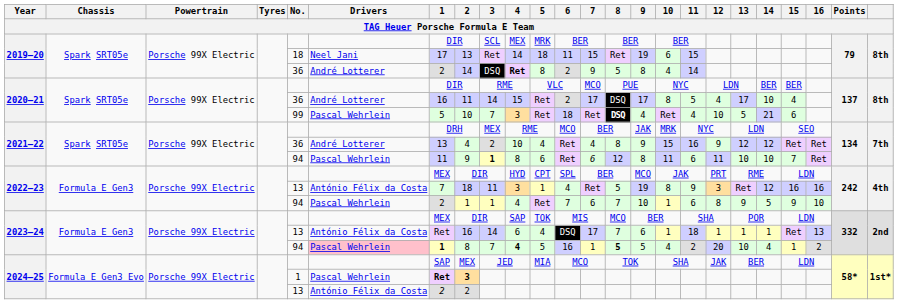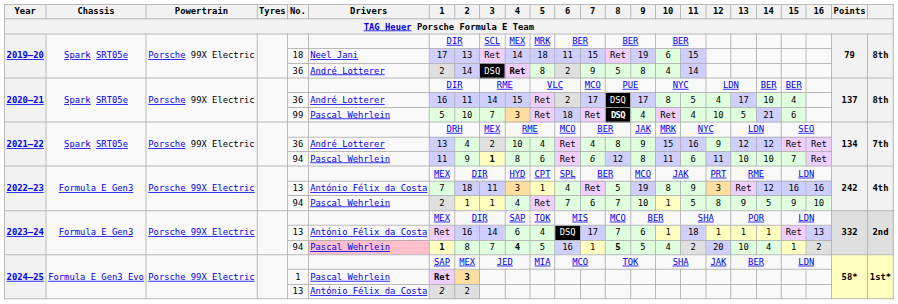 <table class="wikitable" style="font-size: 85%; text-align:center;">
 <tr valign="top">
 <th valign="middle">Year</th>
 <th valign="middle">Chassis</th>
 <th valign="middle">Powertrain</th>
 <th valign="middle">Tyres</th>
 <th valign="middle">No.</th>
 <th valign="middle">Drivers</th>
 <th style="width:26px;">1</th>
 <th style="width:26px;">2</th>
 <th style="width:26px;">3</th>
 <th style="width:26px;">4</th>
 <th style="width:26px;">5</th>
 <th style="width:26px;">6</th>
 <th style="width:26px;">7</th>
 <th style="width:26px;">8</th>
 <th style="width:26px;">9</th>
 <th style="width:26px;">10</th>
 <th style="width:26px;">11</th>
 <th style="width:26px;">12</th>
 <th style="width:26px;">13</th>
 <th style="width:26px;">14</th>
 <th style="width:26px;">15</th>
 <th style="width:26px;">16</th>
 <th valign="middle">Points</th>
 <th></th>
 </tr>
 <tr>
 <th colspan="24"><a href='#'>TAG Heuer</a> Porsche Formula E Team</th>
 </tr>
 <tr>
 <th rowspan=3><a href='#'>2019–20</a></th>
 <td rowspan=3><a href='#'>Spark</a> <a href='#'>SRT05e</a></td>
 <td rowspan=3><a href='#'>Porsche</a> 99X Electric</td>
 <td rowspan=3></td>
 <td></td>
 <td></td>
 <td colspan=2><a href='#'>DIR</a></td>
 <td><a href='#'>SCL</a></td>
 <td><a href='#'>MEX</a></td>
 <td><a href='#'>MRK</a></td>
 <td colspan="2"><a href='#'>BER</a></td>
 <td colspan="2"><a href='#'>BER</a></td>
 <td colspan="2"><a href='#'>BER</a></td>
 <td></td>
 <td></td>
 <td></td>
 <td></td>
 <td></td>
 <th rowspan=3>79</th>
 <th rowspan=3>8th</th>
 </tr>
 <tr>
 <td>18</td>
 <td align="left"> <a href='#'>Neel Jani</a></td>
 <td style="background-color:#CFCFFF;">17</td>
 <td style="background-color:#CFCFFF;">13</td>
 <td style="background-color:#EFCFFF;">Ret</td>
 <td style="background-color:#CFCFFF;">14</td>
 <td style="background-color:#CFCFFF;">18</td>
 <td style="background-color:#CFCFFF;">11</td>
 <td style="background-color:#CFCFFF;">15</td>
 <td style="background-color:#EFCFFF;">Ret</td>
 <td style="background-color:#CFCFFF;">19</td>
 <td style="background-color:#DFFFDF;">6</td>
 <td style="background-color:#CFCFFF;">15</td>
 <td></td>
 <td></td>
 <td></td>
 <td></td>
 <td></td>
 </tr>
 <tr>
 <td>36</td>
 <td align="left"> <a href='#'>André Lotterer</a></td>
 <td style="background-color:#DFDFDF;">2</td>
 <td style="background-color:#CFCFFF;">14</td>
 <td style="background-color:#000000; color:white;">DSQ</td>
 <td style="background-color:#EFCFFF;"><strong>Ret</strong></td>
 <td style="background-color:#DFFFDF;">8</td>
 <td style="background-color:#DFDFDF;">2</td>
 <td style="background-color:#DFFFDF;">9</td>
 <td style="background-color:#DFFFDF;">5</td>
 <td style="background-color:#DFFFDF;">8</td>
 <td style="background-color:#DFFFDF;">4</td>
 <td style="background-color:#CFCFFF;">14</td>
 <td></td>
 <td></td>
 <td></td>
 <td></td>
 <td></td>
 </tr>
 <tr>
 <th rowspan=3><a href='#'>2020–21</a></th>
 <td rowspan=3><a href='#'>Spark</a> <a href='#'>SRT05e</a></td>
 <td rowspan=3><a href='#'>Porsche</a> 99X Electric</td>
 <td rowspan=3></td>
 <td></td>
 <td></td>
 <td colspan=2><a href='#'>DIR</a></td>
 <td colspan=2><a href='#'>RME</a></td>
 <td colspan=2><a href='#'>VLC</a></td>
 <td><a href='#'>MCO</a></td>
 <td colspan=2><a href='#'>PUE</a></td>
 <td colspan=2><a href='#'>NYC</a></td>
 <td colspan=2><a href='#'>LDN</a></td>
 <td><a href='#'>BER</a></td>
 <td><a href='#'>BER</a></td>
 <td></td>
 <th rowspan=3>137</th>
 <th rowspan=3>8th</th>
 </tr>
 <tr>
 <td>36</td>
 <td align="left"> <a href='#'>André Lotterer</a></td>
 <td style="background:#CFCFFF;">16</td>
 <td style="background:#CFCFFF;">11</td>
 <td style="background:#CFCFFF;">14</td>
 <td style="background:#CFCFFF;">15</td>
 <td style="background-color:#EFCFFF;">Ret</td>
 <td style="background-color:#DFDFDF;">2</td>
 <td style="background:#CFCFFF;">17</td>
 <td style="background-color:#000000; color:white;">DSQ</td>
 <td style="background:#CFCFFF;">17</td>
 <td style="background:#dfffdf;">8</td>
 <td style="background:#dfffdf;">5</td>
 <td style="background:#dfffdf;">4</td>
 <td style="background:#CFCFFF;">17</td>
 <td style="background:#dfffdf;">10</td>
 <td style="background:#dfffdf;">4</td>
 <td></td>
 </tr>
 <tr>
 <td>99</td>
 <td align="left"> <a href='#'>Pascal Wehrlein</a></td>
 <td style="background:#dfffdf;">5</td>
 <td style="background:#dfffdf;">10</td>
 <td style="background:#dfffdf;">7</td>
 <td style="background:#FFDF9F;">3</td>
 <td style="background-color:#EFCFFF;">Ret</td>
 <td style="background:#CFCFFF;">18</td>
 <td style="background-color:#EFCFFF;">Ret</td>
 <td style="background-color:#000000; letter-spacing:-1px; color:white;"><strong>DSQ</strong></td>
 <td style="background:#dfffdf;">4</td>
 <td style="background-color:#EFCFFF;">Ret</td>
 <td style="background:#dfffdf;">4</td>
 <td style="background:#dfffdf;">10</td>
 <td style="background:#dfffdf;">5</td>
 <td style="background:#cfcfff;">21</td>
 <td style="background:#dfffdf;">6</td>
 <td></td>
 </tr>
 <tr>
 <th rowspan="3"><a href='#'>2021–22</a></th>
 <td rowspan="3"><a href='#'>Spark</a> <a href='#'>SRT05e</a></td>
 <td rowspan="3"><a href='#'>Porsche</a> 99X Electric</td>
 <td rowspan="3"></td>
 <td></td>
 <td></td>
 <td colspan="2"><a href='#'>DRH</a></td>
 <td><a href='#'>MEX</a></td>
 <td colspan="2"><a href='#'>RME</a></td>
 <td><a href='#'>MCO</a></td>
 <td colspan="2"><a href='#'>BER</a></td>
 <td><a href='#'>JAK</a></td>
 <td><a href='#'>MRK</a></td>
 <td colspan="2"><a href='#'>NYC</a></td>
 <td colspan="2"><a href='#'>LDN</a></td>
 <td colspan="2"><a href='#'>SEO</a></td>
 <th rowspan="3">134</th>
 <th rowspan="3">7th</th>
 </tr>
 <tr>
 <td>36</td>
 <td align="left"> <a href='#'>André Lotterer</a></td>
 <td style="background:#cfcfff;">13</td>
 <td style="background:#dfffdf;">4</td>
 <td style="background-color:#DFDFDF;">2</td>
 <td style="background:#dfffdf;">10</td>
 <td style="background:#dfffdf;">4</td>
 <td style="background-color:#EFCFFF;">Ret</td>
 <td style="background:#dfffdf;">4</td>
 <td style="background:#dfffdf;">8</td>
 <td style="background:#dfffdf;">9</td>
 <td style="background:#cfcfff;">15</td>
 <td style="background:#cfcfff;">16</td>
 <td style="background:#dfffdf;">9</td>
 <td style="background:#cfcfff;">12</td>
 <td style="background:#cfcfff;">12</td>
 <td style="background-color:#EFCFFF;">Ret</td>
 <td style="background-color:#EFCFFF;">Ret</td>
 </tr>
 <tr>
 <td>94</td>
 <td align="left"> <a href='#'>Pascal Wehrlein</a></td>
 <td style="background:#cfcfff;">11</td>
 <td style="background:#dfffdf;">9</td>
 <td style="background-color:#ffffbf;"><strong>1</strong></td>
 <td style="background:#dfffdf;">8</td>
 <td style="background:#dfffdf;">6</td>
 <td style="background-color:#EFCFFF;">Ret</td>
 <td style="background:#dfffdf;"><em>6</em></td>
 <td style="background:#cfcfff;">12</td>
 <td style="background:#dfffdf;">8</td>
 <td style="background:#cfcfff;">11</td>
 <td style="background:#dfffdf;">6</td>
 <td style="background:#cfcfff;">11</td>
 <td style="background:#dfffdf;">10</td>
 <td style="background:#dfffdf;">10</td>
 <td style="background:#dfffdf;">7</td>
 <td style="background-color:#EFCFFF;">Ret</td>
 </tr>
 <tr>
 <th rowspan="3"><a href='#'>2022–23</a></th>
 <td rowspan="3"><a href='#'>Formula E Gen3</a></td>
 <td rowspan="3"><a href='#'>Porsche 99X Electric</a></td>
 <td rowspan="3"></td>
 <td></td>
 <td></td>
 <td><a href='#'>MEX</a></td>
 <td colspan="2"><a href='#'>DIR</a></td>
 <td><a href='#'>HYD</a></td>
 <td><a href='#'>CPT</a></td>
 <td><a href='#'>SPL</a></td>
 <td colspan="2"><a href='#'>BER</a></td>
 <td><a href='#'>MCO</a></td>
 <td colspan="2"><a href='#'>JAK</a></td>
 <td><a href='#'>PRT</a></td>
 <td colspan="2"><a href='#'>RME</a></td>
 <td colspan="2"><a href='#'>LDN</a></td>
 <th rowspan="3">242</th>
 <th rowspan="3">4th</th>
 </tr>
 <tr>
 <td>13</td>
 <td align="left"> <a href='#'>António Félix da Costa</a></td>
 <td style="background:#DFFFDF;">7</td>
 <td style="background:#CFCFFF;">18</td>
 <td style="background:#CFCFFF;">11</td>
 <td style="background:#FFDF9F;">3</td>
 <td style="background:#ffffbf;">1</td>
 <td style="background:#dfffdf;">4</td>
 <td style="background:#efcfff;">Ret</td>
 <td style="background:#dfffdf;">5</td>
 <td style="background:#cfcfff;">19</td>
 <td style="background:#dfffdf;">8</td>
 <td style="background:#dfffdf;">9</td>
 <td style="background:#ffdf9f;">3</td>
 <td style="background:#efcfff;">Ret</td>
 <td style="background:#cfcfff;">12</td>
 <td style="background:#cfcfff;">16</td>
 <td style="background:#cfcfff;">16</td>
 </tr>
 <tr>
 <td>94</td>
 <td align="left"> <a href='#'>Pascal Wehrlein</a></td>
 <td style="background:#DFDFDF;">2</td>
 <td style="background:#FFFFBF;">1</td>
 <td style="background:#FFFFBF;">1</td>
 <td style="background:#dfffdf;">4</td>
 <td style="background:#efcfff;">Ret</td>
 <td style="background:#dfffdf;">7</td>
 <td style="background:#dfffdf;">6</td>
 <td style="background:#dfffdf;">7</td>
 <td style="background:#dfffdf;">10</td>
 <td style="background:#ffffbf;">1</td>
-<td style="background:#dfffdf;">6</td>
+<td style="background:#dfffdf;">5</td>
 <td style="background:#dfffdf;">8</td>
 <td style="background:#dfffdf;">9</td>
 <td style="background:#dfffdf;">5</td>
 <td style="background:#dfffdf;">9</td>
 <td style="background:#dfffdf;">10</td>
 </tr>
 <tr>
 <th rowspan="3"><a href='#'>2023–24</a></th>
 <td rowspan="3"><a href='#'>Formula E Gen3</a></td>
 <td rowspan="3"><a href='#'>Porsche 99X Electric</a></td>
 <td rowspan="3"></td>
 <td></td>
 <td></td>
 <td><a href='#'>MEX</a></td>
 <td colspan="2"><a href='#'>DIR</a></td>
 <td><a href='#'>SAP</a></td>
 <td><a href='#'>TOK</a></td>
 <td colspan="2"><a href='#'>MIS</a></td>
 <td><a href='#'>MCO</a></td>
 <td colspan="2"><a href='#'>BER</a></td>
 <td colspan="2"><a href='#'>SHA</a></td>
 <td colspan="2"><a href='#'>POR</a></td>
 <td colspan="2"><a href='#'>LDN</a></td>
 <th rowspan="3"style="background:#DFDFDF">332</th>
 <th rowspan="3"style="background:#DFDFDF">2nd</th>
 </tr>
 <tr>
 <td>13</td>
 <td align="left"> <a href='#'>António Félix da Costa</a></td>
 <td style="background:#efcfff;">Ret</td>
 <td style="background:#cfcfff;">16</td>
 <td style="background:#cfcfff;">14</td>
 <td style="background:#dfffdf;">6</td>
 <td style="background:#dfffdf;">4</td>
 <td style="background:#000000; color:white;">DSQ</td>
 <td style="background:#cfcfff;">17</td>
 <td style="background:#dfffdf;">7</td>
 <td style="background:#dfffdf;">6</td>
 <td style="background:#ffffbf;">1</td>
 <td style="background:#cfcfff;">18</td>
 <td style="background:#ffffbf;">1</td>
 <td style="background:#ffffbf;">1</td>
 <td style="background:#ffffbf;">1</td>
 <td style="background:#efcfff;">Ret</td>
 <td style="background:#cfcfff;">13</td>
 </tr>
 <tr>
 <td>94</td>
 <td align="left" style="background: pink;"> <a href='#'>Pascal Wehrlein</a></td>
 <td style="background:#ffffbf;"><strong>1</strong></td>
 <td style="background:#dfffdf;">8</td>
 <td style="background:#dfffdf;">7</td>
 <td style="background:#dfffdf;"><strong>4</strong></td>
 <td style="background:#dfffdf;">5</td>
 <td style="background:#cfcfff;">16</td>
 <td style="background:#ffffbf;">1</td>
 <td style="background:#dfffdf;"><strong>5</strong></td>
 <td style="background:#dfffdf;">5</td>
 <td style="background:#dfffdf;">4</td>
 <td style="background:#DFDFDF;">2</td>
 <td style="background:#cfcfff;">20</td>
 <td style="background:#dfffdf;">10</td>
 <td style="background:#dfffdf;">4</td>
 <td style="background:#ffffbf;">1</td>
 <td style="background:#DFDFDF;">2</td>
 </tr>
 <tr>
 <th rowspan="3"><a href='#'>2024–25</a></th>
 <td rowspan="3"><a href='#'>Formula E Gen3 Evo</a></td>
 <td rowspan="3"><a href='#'>Porsche 99X Electric</a></td>
 <td rowspan="3"></td>
 <td></td>
 <td></td>
 <td><a href='#'>SAP</a></td>
 <td><a href='#'>MEX</a></td>
 <td colspan="2"><a href='#'>JED</a></td>
 <td><a href='#'>MIA</a></td>
 <td colspan="2"><a href='#'>MCO</a></td>
 <td colspan="2"><a href='#'>TOK</a></td>
 <td colspan="2"><a href='#'>SHA</a></td>
 <td><a href='#'>JAK</a></td>
 <td colspan="2"><a href='#'>BER</a></td>
 <td colspan="2"><a href='#'>LDN</a></td>
 <th rowspan="3" style="background:#ffffbf;">58*</th>
 <th rowspan="3" style="background:#ffffbf;">1st*</th>
 </tr>
 <tr>
 <td>1</td>
 <td align="left"> <a href='#'>Pascal Wehrlein</a></td>
 <td style="background:#efcfff;"><strong>Ret</strong></td>
 <td style="background:#ffdf9f;"><strong>3</strong></td>
 <td></td>
 <td></td>
 <td></td>
 <td></td>
 <td></td>
 <td></td>
 <td></td>
 <td></td>
 <td></td>
 <td></td>
 <td></td>
 <td></td>
 <td></td>
 <td></td>
 </tr>
 <tr>
 <td>13</td>
 <td align="left"> <a href='#'>António Félix da Costa</a></td>
 <td style="background:#DFDFDF;"><em>2</em></td>
 <td style="background:#DFDFDF;">2</td>
 <td></td>
 <td></td>
 <td></td>
 <td></td>
 <td></td>
 <td></td>
 <td></td>
 <td></td>
 <td></td>
 <td></td>
 <td></td>
 <td></td>
 <td></td>
 <td></td>
 </tr>
 </table>
